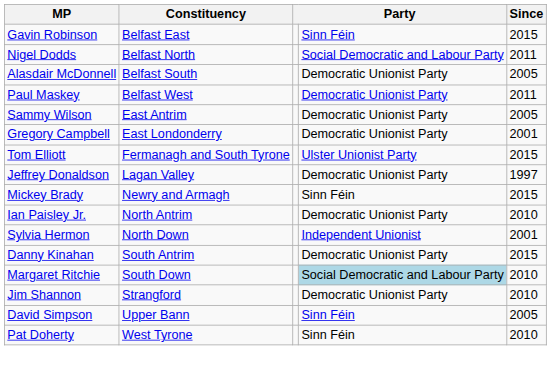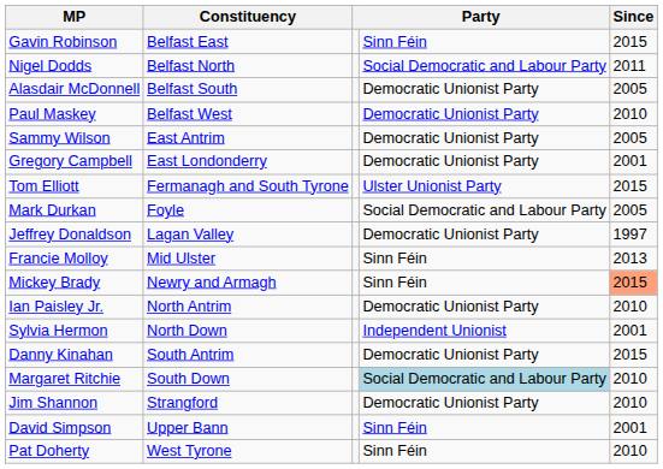 <table class="wikitable sortable">
 <tr>
 <th>MP</th>
 <th>Constituency</th>
 <th colspan=2>Party</th>
 <th>Since</th>
 </tr>
 <tr>
 <td data-sort-value="Robinson"><a href='#'>Gavin Robinson</a></td>
 <td><a href='#'>Belfast East</a></td>
 <td style="background-color: "></td>
 <td><a href='#'>Sinn Féin</a></td>
 <td>2015</td>
 </tr>
 <tr>
 <td data-sort-value="Dodds"><a href='#'>Nigel Dodds</a></td>
 <td><a href='#'>Belfast North</a></td>
 <td style="background-color: "></td>
 <td><a href='#'>Social Democratic and Labour Party</a></td>
 <td>2011</td>
 </tr>
 <tr>
 <td data-sort-value="McDonnell"><a href='#'>Alasdair McDonnell</a></td>
 <td><a href='#'>Belfast South</a></td>
 <td style="background-color: "></td>
 <td>Democratic Unionist Party</td>
 <td>2005</td>
 </tr>
 <tr>
 <td data-sort-value="Maskey"><a href='#'>Paul Maskey</a></td>
 <td><a href='#'>Belfast West</a></td>
 <td style="background-color: "></td>
 <td><a href='#'>Democratic Unionist Party</a></td>
-<td>2011</td>
+<td>2010</td>
 </tr>
 <tr>
 <td data-sort-value="Wilson"><a href='#'>Sammy Wilson</a></td>
 <td><a href='#'>East Antrim</a></td>
 <td style="background-color: "></td>
 <td>Democratic Unionist Party</td>
 <td>2005</td>
 </tr>
 <tr>
 <td data-sort-value="Campbell"><a href='#'>Gregory Campbell</a></td>
 <td><a href='#'>East Londonderry</a></td>
 <td style="background-color: "></td>
 <td>Democratic Unionist Party</td>
 <td>2001</td>
 </tr>
 <tr>
 <td data-sort-value="Elliott"><a href='#'>Tom Elliott</a></td>
 <td><a href='#'>Fermanagh and South Tyrone</a></td>
 <td style="background-color: "></td>
 <td><a href='#'>Ulster Unionist Party</a></td>
 <td>2015</td>
 </tr>
 <tr>
+<td data-sort-value="Durkan"><a href='#'>Mark Durkan</a></td>
+<td><a href='#'>Foyle</a></td>
+<td style="background-color: "></td>
+<td>Social Democratic and Labour Party</td>
+<td>2005</td>
+</tr>
+<tr>
 <td data-sort-value="Donaldson"><a href='#'>Jeffrey Donaldson</a></td>
 <td><a href='#'>Lagan Valley</a></td>
 <td style="background-color: "></td>
 <td>Democratic Unionist Party</td>
 <td>1997</td>
 </tr>
 <tr>
+<td data-sort-value="Molloy"><a href='#'>Francie Molloy</a></td>
+<td><a href='#'>Mid Ulster</a></td>
+<td style="background-color: "></td>
+<td>Sinn Féin</td>
+<td>2013</td>
+</tr>
+<tr>
 <td data-sort-value="Brady"><a href='#'>Mickey Brady</a></td>
 <td><a href='#'>Newry and Armagh</a></td>
 <td style="background-color: "></td>
 <td>Sinn Féin</td>
-<td>2015</td>
+<td style="background: lightsalmon;">2015</td>
 </tr>
 <tr>
 <td data-sort-value="Paisley"><a href='#'>Ian Paisley Jr.</a></td>
 <td><a href='#'>North Antrim</a></td>
 <td style="background-color: "></td>
 <td>Democratic Unionist Party</td>
 <td>2010</td>
 </tr>
 <tr>
 <td data-sort-value="Hermon"><a href='#'>Sylvia Hermon</a></td>
 <td><a href='#'>North Down</a></td>
 <td style="background-color: "></td>
 <td><a href='#'>Independent Unionist</a></td>
 <td>2001</td>
 </tr>
 <tr>
 <td data-sort-value="Kinahan"><a href='#'>Danny Kinahan</a></td>
 <td><a href='#'>South Antrim</a></td>
 <td style="background-color: "></td>
 <td>Democratic Unionist Party</td>
 <td>2015</td>
 </tr>
 <tr>
 <td data-sort-value="Ritchie"><a href='#'>Margaret Ritchie</a></td>
 <td><a href='#'>South Down</a></td>
 <td style="background-color: "></td>
 <td style="background: lightblue;">Social Democratic and Labour Party</td>
 <td>2010</td>
 </tr>
 <tr>
 <td data-sort-value="Shannon"><a href='#'>Jim Shannon</a></td>
 <td><a href='#'>Strangford</a></td>
 <td style="background-color: "></td>
 <td>Democratic Unionist Party</td>
 <td>2010</td>
 </tr>
 <tr>
 <td data-sort-value="Simpson"><a href='#'>David Simpson</a></td>
 <td><a href='#'>Upper Bann</a></td>
 <td style="background-color: "></td>
 <td><a href='#'>Sinn Féin</a></td>
-<td>2005</td>
+<td>2001</td>
 </tr>
 <tr>
 <td data-sort-value="Doherty"><a href='#'>Pat Doherty</a></td>
 <td><a href='#'>West Tyrone</a></td>
 <td style="background-color: "></td>
 <td>Sinn Féin</td>
 <td>2010</td>
 </tr>
 </table>
